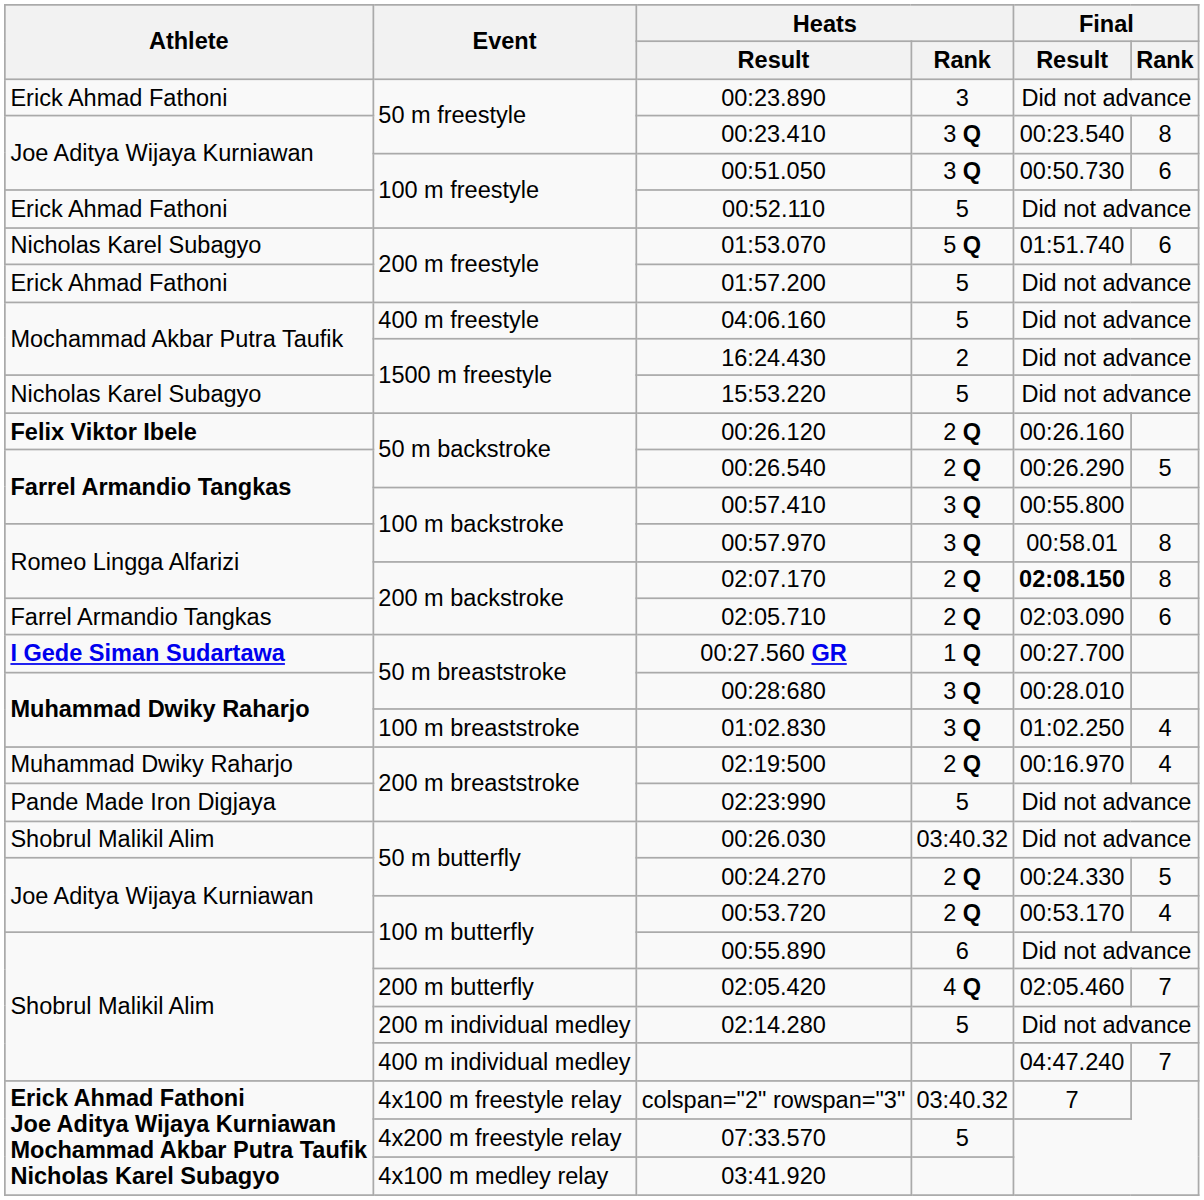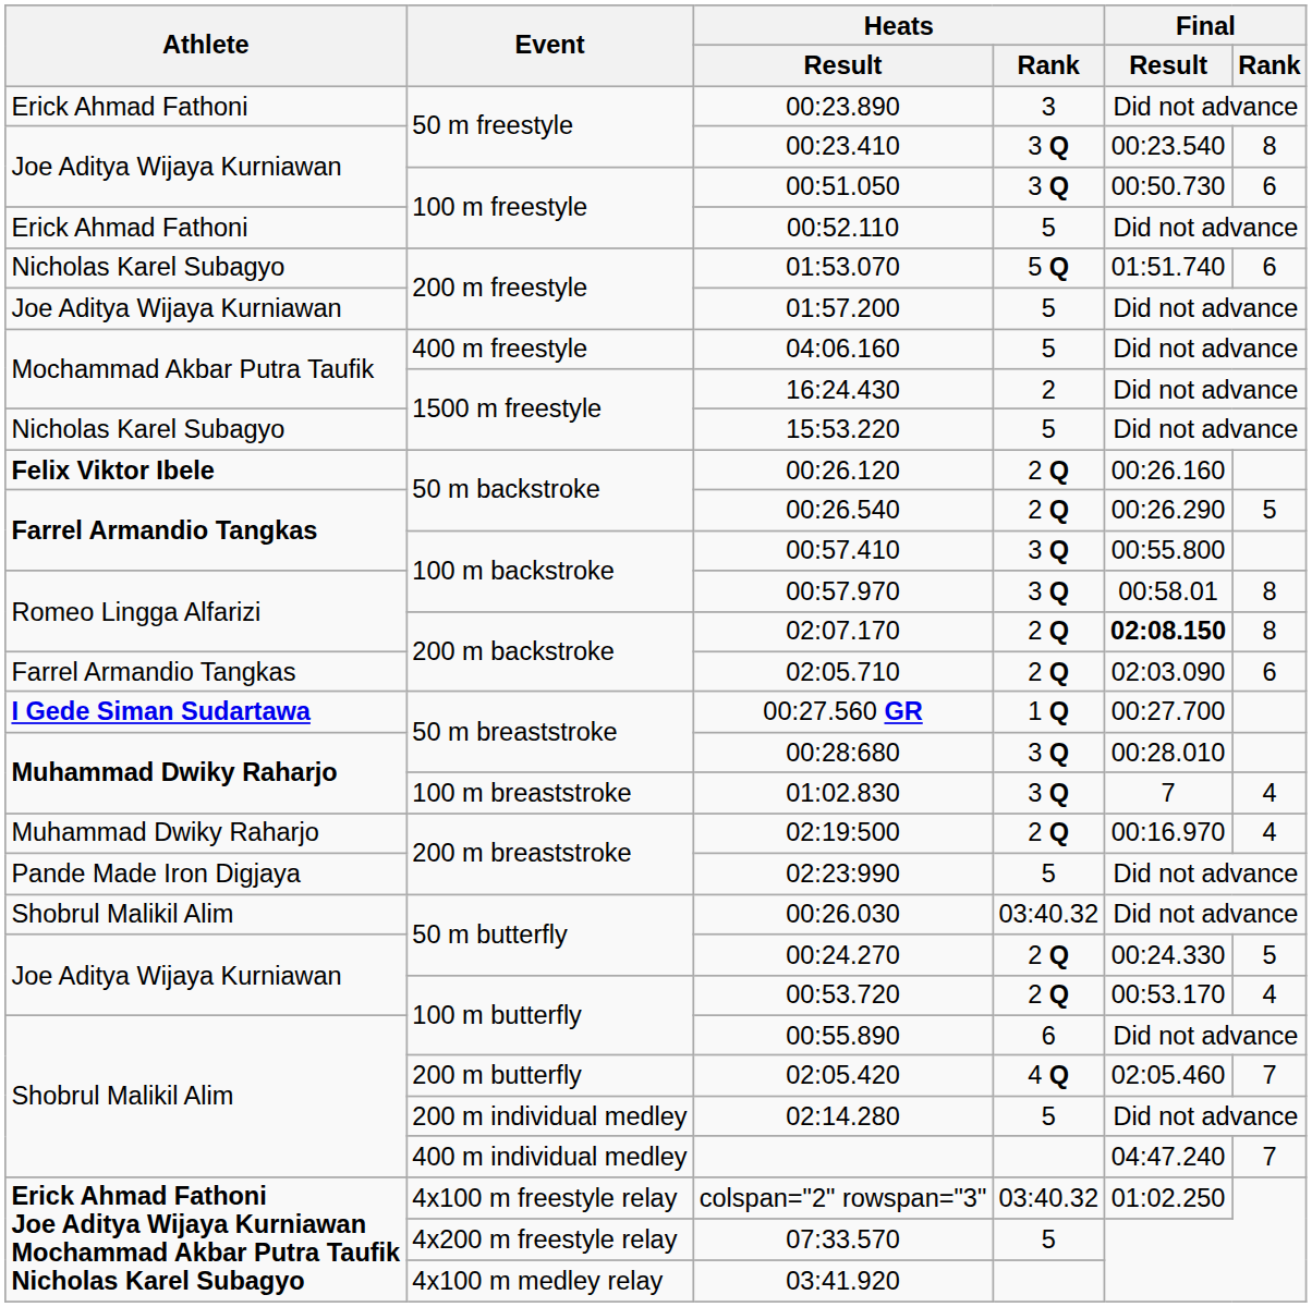 <table class="wikitable" style="font-size:85%">
 <tr>
 <th rowspan="2">Athlete</th>
 <th rowspan="2">Event</th>
 <th colspan="2">Heats</th>
 <th colspan="2">Final</th>
 </tr>
 <tr>
 <th>Result</th>
 <th>Rank</th>
 <th>Result</th>
 <th>Rank</th>
 </tr>
 <tr align="center">
 <td align="left">Erick Ahmad Fathoni</td>
 <td align="left" rowspan="2">50 m freestyle</td>
 <td>00:23.890</td>
 <td>3</td>
 <td colspan="2">Did not advance</td>
 </tr>
 <tr align="center">
 <td align="left" rowspan="2">Joe Aditya Wijaya Kurniawan</td>
 <td>00:23.410</td>
 <td>3 <strong>Q</strong></td>
 <td>00:23.540</td>
 <td>8</td>
 </tr>
 <tr align="center">
 <td align="left" rowspan="2">100 m freestyle</td>
 <td>00:51.050</td>
 <td>3 <strong>Q</strong></td>
 <td>00:50.730</td>
 <td>6</td>
 </tr>
 <tr align="center">
 <td align="left">Erick Ahmad Fathoni</td>
 <td>00:52.110</td>
 <td>5</td>
 <td colspan="2">Did not advance</td>
 </tr>
 <tr align="center">
 <td align="left">Nicholas Karel Subagyo</td>
 <td align="left" rowspan="2">200 m freestyle</td>
 <td>01:53.070</td>
 <td>5 <strong>Q</strong></td>
 <td>01:51.740</td>
 <td>6</td>
 </tr>
 <tr align="center">
-<td align="left">Erick Ahmad Fathoni</td>
+<td align="left">Joe Aditya Wijaya Kurniawan</td>
 <td>01:57.200</td>
 <td>5</td>
 <td colspan="2">Did not advance</td>
 </tr>
 <tr align="center">
 <td align="left" rowspan="2">Mochammad Akbar Putra Taufik</td>
 <td align="left">400 m freestyle</td>
 <td>04:06.160</td>
 <td>5</td>
 <td colspan="2">Did not advance</td>
 </tr>
 <tr align="center">
 <td align="left" rowspan=2>1500 m freestyle</td>
 <td>16:24.430</td>
 <td>2</td>
 <td colspan="2">Did not advance</td>
 </tr>
 <tr align="center">
 <td align="left">Nicholas Karel Subagyo</td>
 <td>15:53.220</td>
 <td>5</td>
 <td colspan="2">Did not advance</td>
 </tr>
 <tr align="center">
 <td align="left"><strong>Felix Viktor Ibele</strong></td>
 <td align="left" rowspan="2">50 m backstroke</td>
 <td>00:26.120</td>
 <td>2 <strong>Q</strong></td>
 <td>00:26.160</td>
 <td></td>
 </tr>
 <tr align="center">
 <td align="left" rowspan="2"><strong>Farrel Armandio Tangkas</strong></td>
 <td>00:26.540</td>
 <td>2 <strong>Q</strong></td>
 <td>00:26.290</td>
 <td>5</td>
 </tr>
 <tr align="center">
 <td align="left" rowspan="2">100 m backstroke</td>
 <td>00:57.410</td>
 <td>3 <strong>Q</strong></td>
 <td>00:55.800</td>
 <td></td>
 </tr>
 <tr align="center">
 <td align="left" rowspan="2">Romeo Lingga Alfarizi</td>
 <td>00:57.970</td>
 <td>3 <strong>Q</strong></td>
 <td>00:58.01</td>
 <td>8</td>
 </tr>
 <tr align="center">
 <td align="left" rowspan="2">200 m backstroke</td>
 <td>02:07.170</td>
 <td>2 <strong>Q</strong></td>
 <td><strong>02:08.150</strong></td>
 <td>8</td>
 </tr>
 <tr align="center">
 <td align="left">Farrel Armandio Tangkas</td>
 <td>02:05.710</td>
 <td>2 <strong>Q</strong></td>
 <td>02:03.090</td>
 <td>6</td>
 </tr>
 <tr align="center">
 <td align="left"><strong><a href='#'>I Gede Siman Sudartawa</a></strong></td>
 <td align="left" rowspan="2">50 m breaststroke</td>
 <td>00:27.560 <strong><a href='#'>GR</a></strong></td>
 <td>1 <strong>Q</strong></td>
 <td>00:27.700</td>
 <td></td>
 </tr>
 <tr align="center">
 <td align="left" rowspan="2"><strong>Muhammad Dwiky Raharjo</strong></td>
 <td>00:28:680</td>
 <td>3 <strong>Q</strong></td>
 <td>00:28.010</td>
 <td></td>
 </tr>
 <tr align="center">
 <td align="left">100 m breaststroke</td>
 <td>01:02.830</td>
 <td>3 <strong>Q</strong></td>
-<td>01:02.250</td>
+<td>7</td>
 <td>4</td>
 </tr>
 <tr align="center">
 <td align="left">Muhammad Dwiky Raharjo</td>
 <td align="left" rowspan="2">200 m breaststroke</td>
 <td>02:19:500</td>
 <td>2 <strong>Q</strong></td>
 <td>00:16.970</td>
 <td>4</td>
 </tr>
 <tr align="center">
 <td align="left">Pande Made Iron Digjaya</td>
 <td>02:23:990</td>
 <td>5</td>
 <td colspan="2">Did not advance</td>
 </tr>
 <tr align="center">
 <td align="left">Shobrul Malikil Alim</td>
 <td align="left" rowspan="2">50 m butterfly</td>
 <td>00:26.030</td>
 <td>03:40.32</td>
 <td colspan="2">Did not advance</td>
 </tr>
 <tr align="center">
 <td align="left" rowspan="2">Joe Aditya Wijaya Kurniawan</td>
 <td>00:24.270</td>
 <td>2 <strong>Q</strong></td>
 <td>00:24.330</td>
 <td>5</td>
 </tr>
 <tr align="center">
 <td align="left" rowspan="2">100 m butterfly</td>
 <td>00:53.720</td>
 <td>2 <strong>Q</strong></td>
 <td>00:53.170</td>
 <td>4</td>
 </tr>
 <tr align="center">
 <td align="left" rowspan="4">Shobrul Malikil Alim</td>
 <td>00:55.890</td>
 <td>6</td>
 <td colspan="2">Did not advance</td>
 </tr>
 <tr align="center">
 <td align="left">200 m butterfly</td>
 <td>02:05.420</td>
 <td>4 <strong>Q</strong></td>
 <td>02:05.460</td>
 <td>7</td>
 </tr>
 <tr align="center">
 <td align="left">200 m individual medley</td>
 <td>02:14.280</td>
 <td>5</td>
 <td colspan="2">Did not advance</td>
 </tr>
 <tr align="center">
 <td align="left">400 m individual medley</td>
 <td></td>
 <td></td>
 <td>04:47.240</td>
 <td>7</td>
 </tr>
 <tr align="center">
 <td align="left" rowspan="3"><strong>Erick Ahmad Fathoni</strong><br><strong>Joe Aditya Wijaya Kurniawan</strong><br><strong>Mochammad Akbar Putra Taufik</strong><br><strong>Nicholas Karel Subagyo</strong></td>
 <td align="left">4x100 m freestyle relay</td>
 <td>colspan="2" rowspan="3" </td>
 <td>03:40.32</td>
-<td>7</td>
+<td>01:02.250</td>
 </tr>
 <tr align="center">
 <td align="left">4x200 m freestyle relay</td>
 <td>07:33.570</td>
 <td>5</td>
 </tr>
 <tr align="center">
 <td align="left">4x100 m medley relay</td>
 <td>03:41.920</td>
 <td></td>
 </tr>
 </table>
